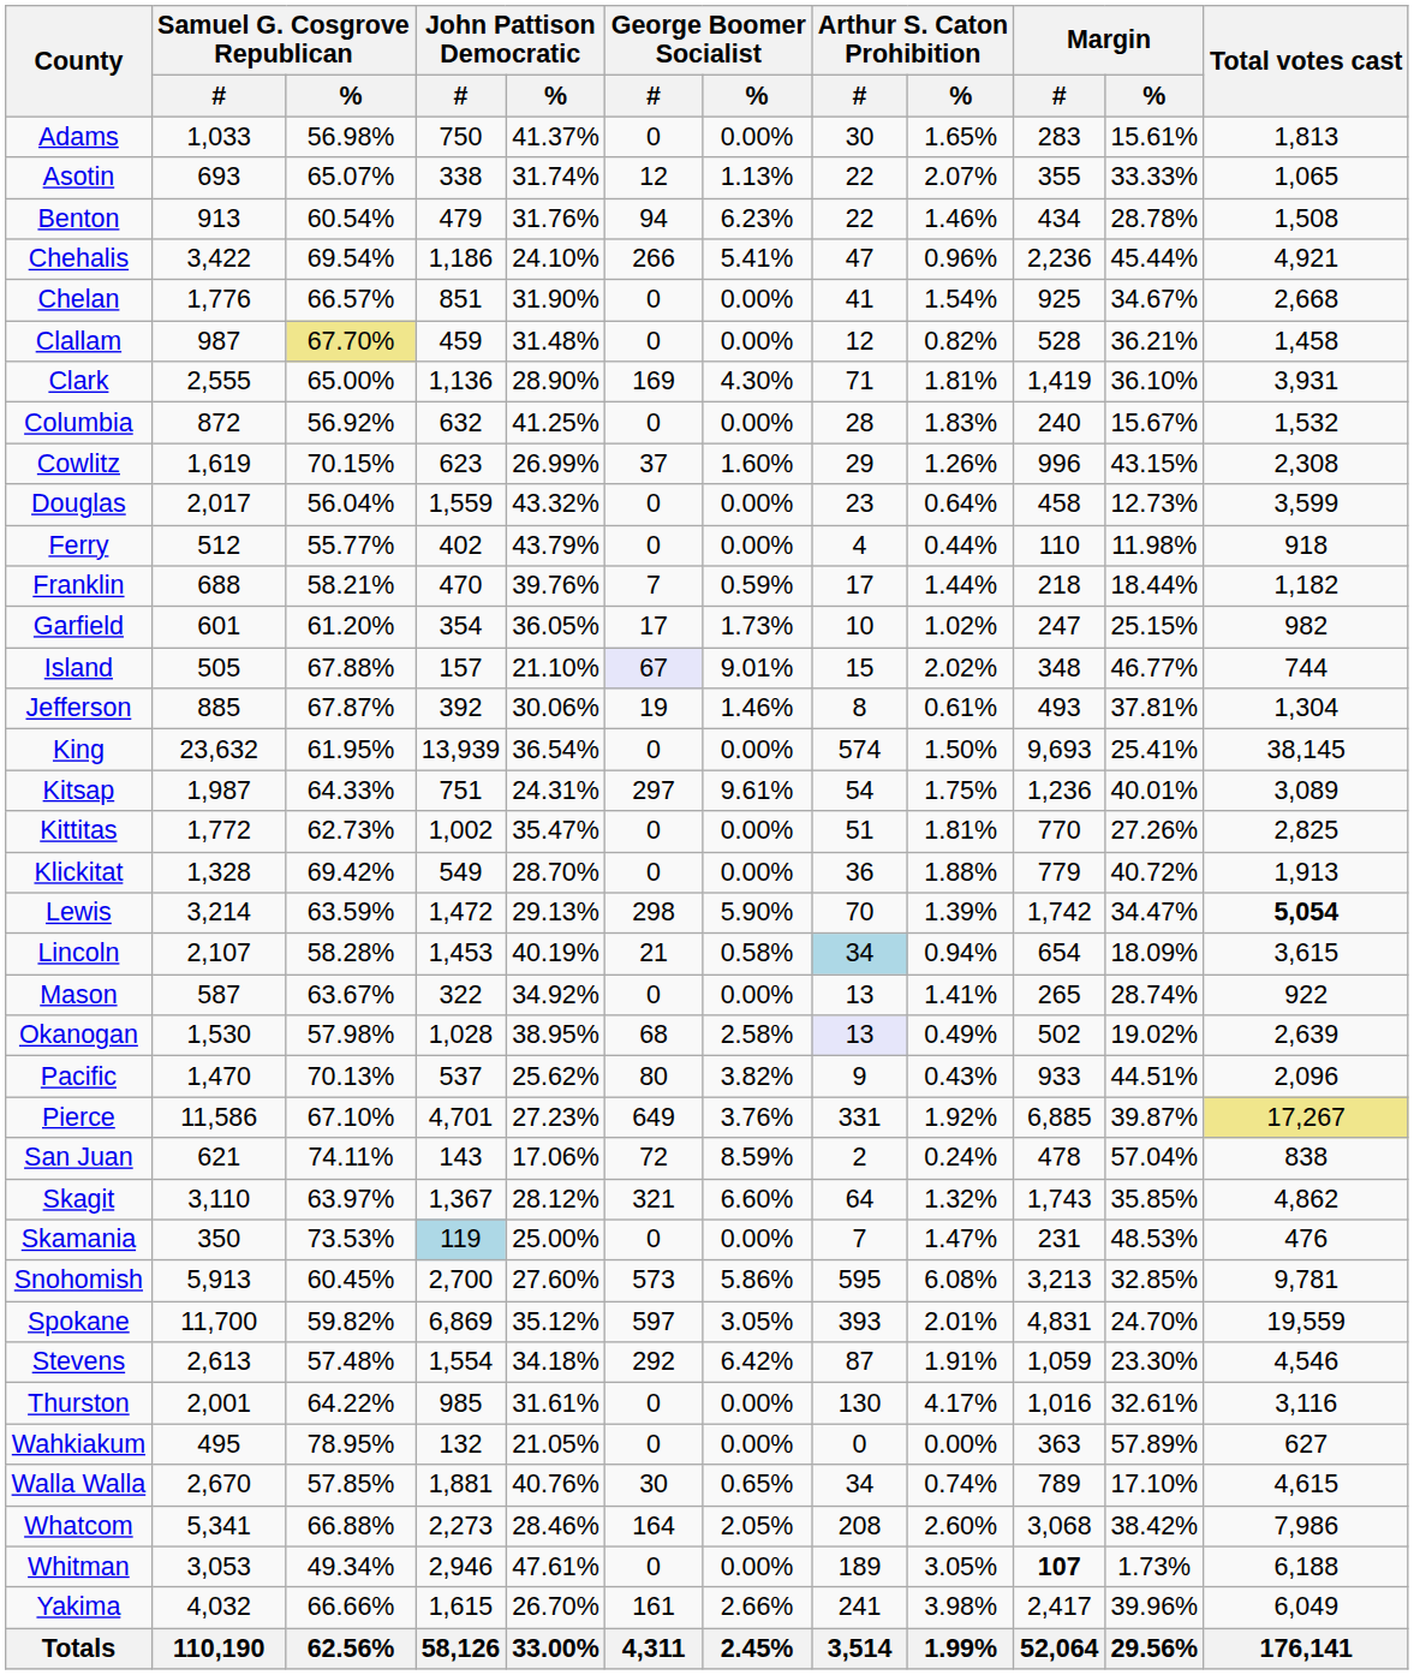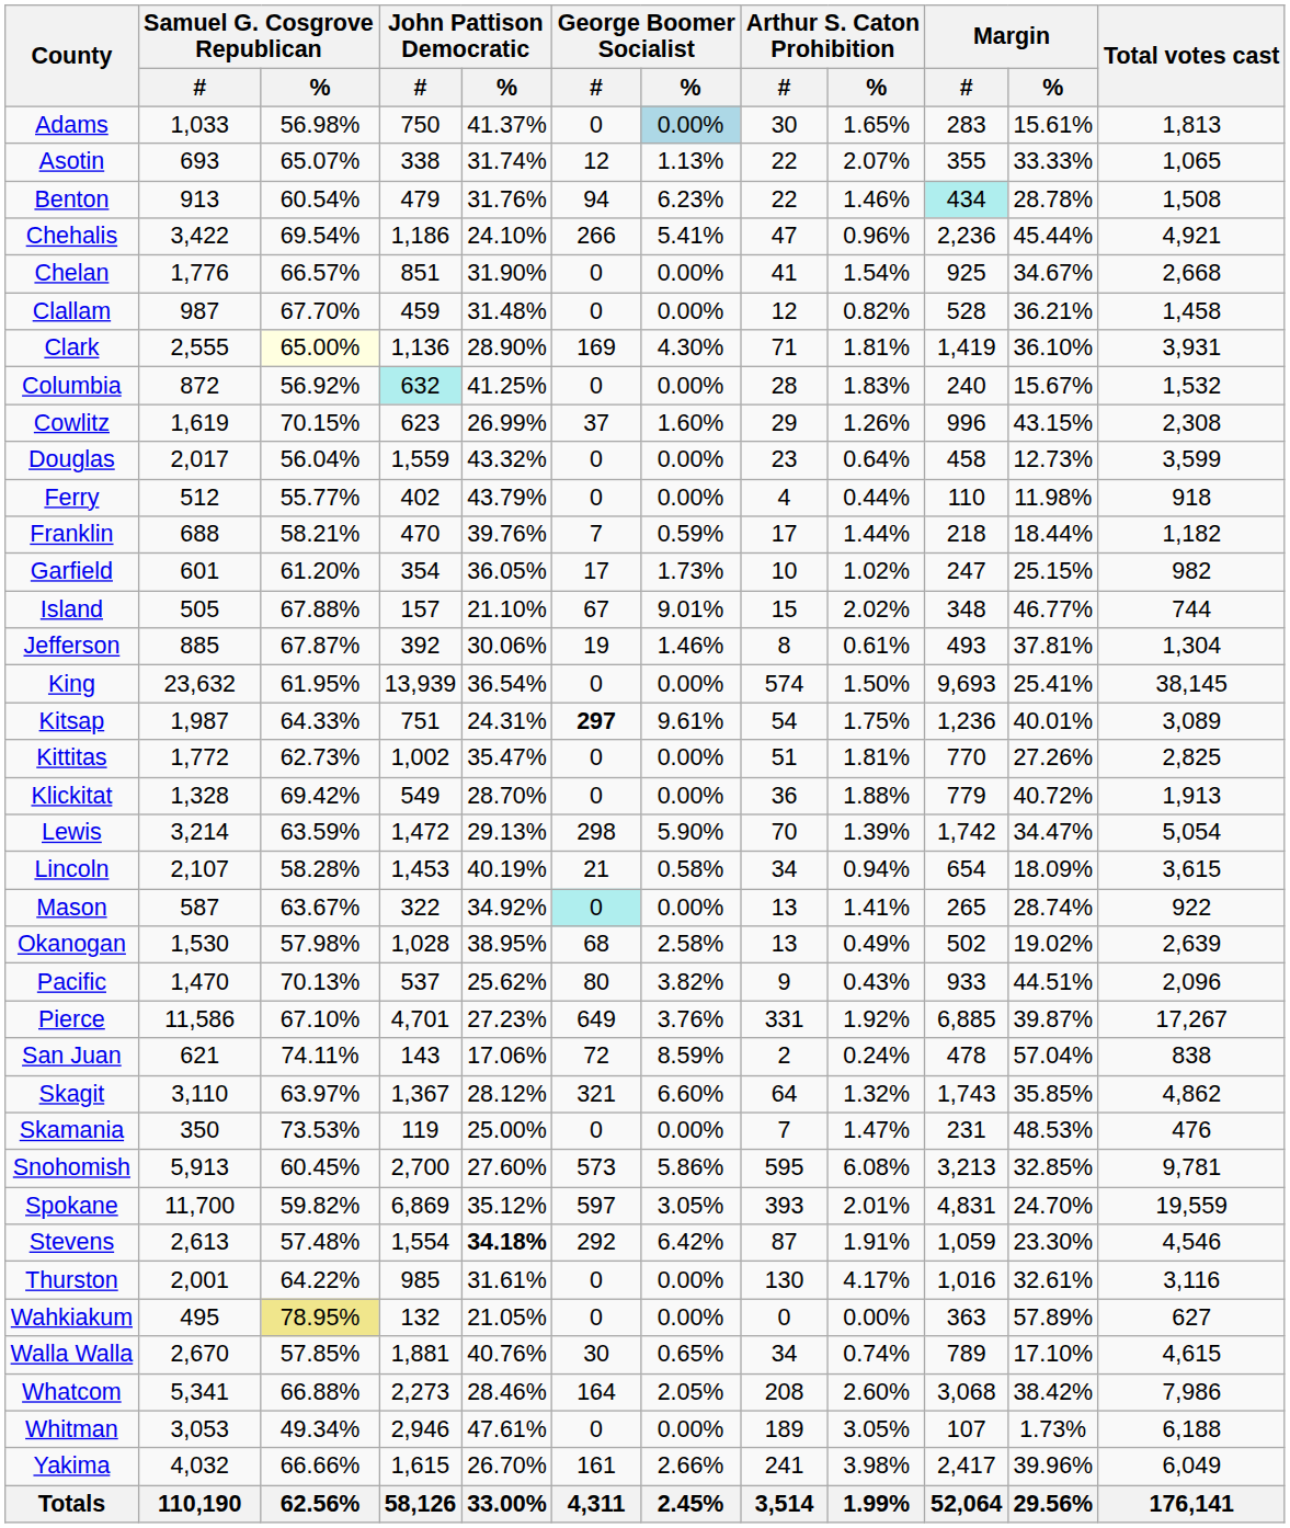 <table class="wikitable sortable">
 <tr>
 <th style="text-align:center;" rowspan="2">County</th>
 <th style="text-align:center;" colspan="2">Samuel G. Cosgrove<br>Republican</th>
 <th style="text-align:center;" colspan="2">John Pattison<br>Democratic</th>
 <th style="text-align:center;" colspan="2">George Boomer<br>Socialist</th>
 <th style="text-align:center;" colspan="2">Arthur S. Caton<br>Prohibition</th>
 <th style="text-align:center;" colspan="2">Margin</th>
 <th style="text-align:center;" rowspan="2">Total votes cast</th>
 </tr>
 <tr bgcolor="lightgrey">
 <th style="text-align:center;" data-sort-type="number">#</th>
 <th style="text-align:center;" data-sort-type="number">%</th>
 <th style="text-align:center;" data-sort-type="number">#</th>
 <th style="text-align:center;" data-sort-type="number">%</th>
 <th style="text-align:center;" data-sort-type="number">#</th>
 <th style="text-align:center;" data-sort-type="number">%</th>
 <th style="text-align:center;" data-sort-type="number">#</th>
 <th style="text-align:center;" data-sort-type="number">%</th>
 <th style="text-align:center;" data-sort-type="number">#</th>
 <th style="text-align:center;" data-sort-type="number">%</th>
 </tr>
 <tr style="text-align:center;">
 <td><a href='#'>Adams</a></td>
 <td>1,033</td>
 <td>56.98%</td>
 <td>750</td>
 <td>41.37%</td>
 <td>0</td>
-<td>0.00%</td>
+<td style="background: lightblue;">0.00%</td>
 <td>30</td>
 <td>1.65%</td>
 <td>283</td>
 <td>15.61%</td>
 <td>1,813</td>
 </tr>
 <tr style="text-align:center;">
 <td><a href='#'>Asotin</a></td>
 <td>693</td>
 <td>65.07%</td>
 <td>338</td>
 <td>31.74%</td>
 <td>12</td>
 <td>1.13%</td>
 <td>22</td>
 <td>2.07%</td>
 <td>355</td>
 <td>33.33%</td>
 <td>1,065</td>
 </tr>
 <tr style="text-align:center;">
 <td><a href='#'>Benton</a></td>
 <td>913</td>
 <td>60.54%</td>
 <td>479</td>
 <td>31.76%</td>
 <td>94</td>
 <td>6.23%</td>
 <td>22</td>
 <td>1.46%</td>
-<td>434</td>
+<td style="background: paleturquoise;">434</td>
 <td>28.78%</td>
 <td>1,508</td>
 </tr>
 <tr style="text-align:center;">
 <td><a href='#'>Chehalis</a></td>
 <td>3,422</td>
 <td>69.54%</td>
 <td>1,186</td>
 <td>24.10%</td>
 <td>266</td>
 <td>5.41%</td>
 <td>47</td>
 <td>0.96%</td>
 <td>2,236</td>
 <td>45.44%</td>
 <td>4,921</td>
 </tr>
 <tr style="text-align:center;">
 <td><a href='#'>Chelan</a></td>
 <td>1,776</td>
 <td>66.57%</td>
 <td>851</td>
 <td>31.90%</td>
 <td>0</td>
 <td>0.00%</td>
 <td>41</td>
 <td>1.54%</td>
 <td>925</td>
 <td>34.67%</td>
 <td>2,668</td>
 </tr>
 <tr style="text-align:center;">
 <td><a href='#'>Clallam</a></td>
 <td>987</td>
-<td style="background: khaki;">67.70%</td>
+<td>67.70%</td>
 <td>459</td>
 <td>31.48%</td>
 <td>0</td>
 <td>0.00%</td>
 <td>12</td>
 <td>0.82%</td>
 <td>528</td>
 <td>36.21%</td>
 <td>1,458</td>
 </tr>
 <tr style="text-align:center;">
 <td><a href='#'>Clark</a></td>
 <td>2,555</td>
-<td>65.00%</td>
+<td style="background: lightyellow;">65.00%</td>
 <td>1,136</td>
 <td>28.90%</td>
 <td>169</td>
 <td>4.30%</td>
 <td>71</td>
 <td>1.81%</td>
 <td>1,419</td>
 <td>36.10%</td>
 <td>3,931</td>
 </tr>
 <tr style="text-align:center;">
 <td><a href='#'>Columbia</a></td>
 <td>872</td>
 <td>56.92%</td>
-<td>632</td>
+<td style="background: paleturquoise;">632</td>
 <td>41.25%</td>
 <td>0</td>
 <td>0.00%</td>
 <td>28</td>
 <td>1.83%</td>
 <td>240</td>
 <td>15.67%</td>
 <td>1,532</td>
 </tr>
 <tr style="text-align:center;">
 <td><a href='#'>Cowlitz</a></td>
 <td>1,619</td>
 <td>70.15%</td>
 <td>623</td>
 <td>26.99%</td>
 <td>37</td>
 <td>1.60%</td>
 <td>29</td>
 <td>1.26%</td>
 <td>996</td>
 <td>43.15%</td>
 <td>2,308</td>
 </tr>
 <tr style="text-align:center;">
 <td><a href='#'>Douglas</a></td>
 <td>2,017</td>
 <td>56.04%</td>
 <td>1,559</td>
 <td>43.32%</td>
 <td>0</td>
 <td>0.00%</td>
 <td>23</td>
 <td>0.64%</td>
 <td>458</td>
 <td>12.73%</td>
 <td>3,599</td>
 </tr>
 <tr style="text-align:center;">
 <td><a href='#'>Ferry</a></td>
 <td>512</td>
 <td>55.77%</td>
 <td>402</td>
 <td>43.79%</td>
 <td>0</td>
 <td>0.00%</td>
 <td>4</td>
 <td>0.44%</td>
 <td>110</td>
 <td>11.98%</td>
 <td>918</td>
 </tr>
 <tr style="text-align:center;">
 <td><a href='#'>Franklin</a></td>
 <td>688</td>
 <td>58.21%</td>
 <td>470</td>
 <td>39.76%</td>
 <td>7</td>
 <td>0.59%</td>
 <td>17</td>
 <td>1.44%</td>
 <td>218</td>
 <td>18.44%</td>
 <td>1,182</td>
 </tr>
 <tr style="text-align:center;">
 <td><a href='#'>Garfield</a></td>
 <td>601</td>
 <td>61.20%</td>
 <td>354</td>
 <td>36.05%</td>
 <td>17</td>
 <td>1.73%</td>
 <td>10</td>
 <td>1.02%</td>
 <td>247</td>
 <td>25.15%</td>
 <td>982</td>
 </tr>
 <tr style="text-align:center;">
 <td><a href='#'>Island</a></td>
 <td>505</td>
 <td>67.88%</td>
 <td>157</td>
 <td>21.10%</td>
-<td style="background: lavender;">67</td>
+<td>67</td>
 <td>9.01%</td>
 <td>15</td>
 <td>2.02%</td>
 <td>348</td>
 <td>46.77%</td>
 <td>744</td>
 </tr>
 <tr style="text-align:center;">
 <td><a href='#'>Jefferson</a></td>
 <td>885</td>
 <td>67.87%</td>
 <td>392</td>
 <td>30.06%</td>
 <td>19</td>
 <td>1.46%</td>
 <td>8</td>
 <td>0.61%</td>
 <td>493</td>
 <td>37.81%</td>
 <td>1,304</td>
 </tr>
 <tr style="text-align:center;">
 <td><a href='#'>King</a></td>
 <td>23,632</td>
 <td>61.95%</td>
 <td>13,939</td>
 <td>36.54%</td>
 <td>0</td>
 <td>0.00%</td>
 <td>574</td>
 <td>1.50%</td>
 <td>9,693</td>
 <td>25.41%</td>
 <td>38,145</td>
 </tr>
 <tr style="text-align:center;">
 <td><a href='#'>Kitsap</a></td>
 <td>1,987</td>
 <td>64.33%</td>
 <td>751</td>
 <td>24.31%</td>
-<td>297</td>
+<td><strong>297</strong></td>
 <td>9.61%</td>
 <td>54</td>
 <td>1.75%</td>
 <td>1,236</td>
 <td>40.01%</td>
 <td>3,089</td>
 </tr>
 <tr style="text-align:center;">
 <td><a href='#'>Kittitas</a></td>
 <td>1,772</td>
 <td>62.73%</td>
 <td>1,002</td>
 <td>35.47%</td>
 <td>0</td>
 <td>0.00%</td>
 <td>51</td>
 <td>1.81%</td>
 <td>770</td>
 <td>27.26%</td>
 <td>2,825</td>
 </tr>
 <tr style="text-align:center;">
 <td><a href='#'>Klickitat</a></td>
 <td>1,328</td>
 <td>69.42%</td>
 <td>549</td>
 <td>28.70%</td>
 <td>0</td>
 <td>0.00%</td>
 <td>36</td>
 <td>1.88%</td>
 <td>779</td>
 <td>40.72%</td>
 <td>1,913</td>
 </tr>
 <tr style="text-align:center;">
 <td><a href='#'>Lewis</a></td>
 <td>3,214</td>
 <td>63.59%</td>
 <td>1,472</td>
 <td>29.13%</td>
 <td>298</td>
 <td>5.90%</td>
 <td>70</td>
 <td>1.39%</td>
 <td>1,742</td>
 <td>34.47%</td>
-<td><strong>5,054</strong></td>
+<td>5,054</td>
 </tr>
 <tr style="text-align:center;">
 <td><a href='#'>Lincoln</a></td>
 <td>2,107</td>
 <td>58.28%</td>
 <td>1,453</td>
 <td>40.19%</td>
 <td>21</td>
 <td>0.58%</td>
-<td style="background: lightblue;">34</td>
+<td>34</td>
 <td>0.94%</td>
 <td>654</td>
 <td>18.09%</td>
 <td>3,615</td>
 </tr>
 <tr style="text-align:center;">
 <td><a href='#'>Mason</a></td>
 <td>587</td>
 <td>63.67%</td>
 <td>322</td>
 <td>34.92%</td>
-<td>0</td>
+<td style="background: paleturquoise;">0</td>
 <td>0.00%</td>
 <td>13</td>
 <td>1.41%</td>
 <td>265</td>
 <td>28.74%</td>
 <td>922</td>
 </tr>
 <tr style="text-align:center;">
 <td><a href='#'>Okanogan</a></td>
 <td>1,530</td>
 <td>57.98%</td>
 <td>1,028</td>
 <td>38.95%</td>
 <td>68</td>
 <td>2.58%</td>
-<td style="background: lavender;">13</td>
+<td>13</td>
 <td>0.49%</td>
 <td>502</td>
 <td>19.02%</td>
 <td>2,639</td>
 </tr>
 <tr style="text-align:center;">
 <td><a href='#'>Pacific</a></td>
 <td>1,470</td>
 <td>70.13%</td>
 <td>537</td>
 <td>25.62%</td>
 <td>80</td>
 <td>3.82%</td>
 <td>9</td>
 <td>0.43%</td>
 <td>933</td>
 <td>44.51%</td>
 <td>2,096</td>
 </tr>
 <tr style="text-align:center;">
 <td><a href='#'>Pierce</a></td>
 <td>11,586</td>
 <td>67.10%</td>
 <td>4,701</td>
 <td>27.23%</td>
 <td>649</td>
 <td>3.76%</td>
 <td>331</td>
 <td>1.92%</td>
 <td>6,885</td>
 <td>39.87%</td>
-<td style="background: khaki;">17,267</td>
+<td>17,267</td>
 </tr>
 <tr style="text-align:center;">
 <td><a href='#'>San Juan</a></td>
 <td>621</td>
 <td>74.11%</td>
 <td>143</td>
 <td>17.06%</td>
 <td>72</td>
 <td>8.59%</td>
 <td>2</td>
 <td>0.24%</td>
 <td>478</td>
 <td>57.04%</td>
 <td>838</td>
 </tr>
 <tr style="text-align:center;">
 <td><a href='#'>Skagit</a></td>
 <td>3,110</td>
 <td>63.97%</td>
 <td>1,367</td>
 <td>28.12%</td>
 <td>321</td>
 <td>6.60%</td>
 <td>64</td>
 <td>1.32%</td>
 <td>1,743</td>
 <td>35.85%</td>
 <td>4,862</td>
 </tr>
 <tr style="text-align:center;">
 <td><a href='#'>Skamania</a></td>
 <td>350</td>
 <td>73.53%</td>
-<td style="background: lightblue;">119</td>
+<td>119</td>
 <td>25.00%</td>
 <td>0</td>
 <td>0.00%</td>
 <td>7</td>
 <td>1.47%</td>
 <td>231</td>
 <td>48.53%</td>
 <td>476</td>
 </tr>
 <tr style="text-align:center;">
 <td><a href='#'>Snohomish</a></td>
 <td>5,913</td>
 <td>60.45%</td>
 <td>2,700</td>
 <td>27.60%</td>
 <td>573</td>
 <td>5.86%</td>
 <td>595</td>
 <td>6.08%</td>
 <td>3,213</td>
 <td>32.85%</td>
 <td>9,781</td>
 </tr>
 <tr style="text-align:center;">
 <td><a href='#'>Spokane</a></td>
 <td>11,700</td>
 <td>59.82%</td>
 <td>6,869</td>
 <td>35.12%</td>
 <td>597</td>
 <td>3.05%</td>
 <td>393</td>
 <td>2.01%</td>
 <td>4,831</td>
 <td>24.70%</td>
 <td>19,559</td>
 </tr>
 <tr style="text-align:center;">
 <td><a href='#'>Stevens</a></td>
 <td>2,613</td>
 <td>57.48%</td>
 <td>1,554</td>
-<td>34.18%</td>
+<td><strong>34.18%</strong></td>
 <td>292</td>
 <td>6.42%</td>
 <td>87</td>
 <td>1.91%</td>
 <td>1,059</td>
 <td>23.30%</td>
 <td>4,546</td>
 </tr>
 <tr style="text-align:center;">
 <td><a href='#'>Thurston</a></td>
 <td>2,001</td>
 <td>64.22%</td>
 <td>985</td>
 <td>31.61%</td>
 <td>0</td>
 <td>0.00%</td>
 <td>130</td>
 <td>4.17%</td>
 <td>1,016</td>
 <td>32.61%</td>
 <td>3,116</td>
 </tr>
 <tr style="text-align:center;">
 <td><a href='#'>Wahkiakum</a></td>
 <td>495</td>
-<td>78.95%</td>
+<td style="background: khaki;">78.95%</td>
 <td>132</td>
 <td>21.05%</td>
 <td>0</td>
 <td>0.00%</td>
 <td>0</td>
 <td>0.00%</td>
 <td>363</td>
 <td>57.89%</td>
 <td>627</td>
 </tr>
 <tr style="text-align:center;">
 <td><a href='#'>Walla Walla</a></td>
 <td>2,670</td>
 <td>57.85%</td>
 <td>1,881</td>
 <td>40.76%</td>
 <td>30</td>
 <td>0.65%</td>
 <td>34</td>
 <td>0.74%</td>
 <td>789</td>
 <td>17.10%</td>
 <td>4,615</td>
 </tr>
 <tr style="text-align:center;">
 <td><a href='#'>Whatcom</a></td>
 <td>5,341</td>
 <td>66.88%</td>
 <td>2,273</td>
 <td>28.46%</td>
 <td>164</td>
 <td>2.05%</td>
 <td>208</td>
 <td>2.60%</td>
 <td>3,068</td>
 <td>38.42%</td>
 <td>7,986</td>
 </tr>
 <tr style="text-align:center;">
 <td><a href='#'>Whitman</a></td>
 <td>3,053</td>
 <td>49.34%</td>
 <td>2,946</td>
 <td>47.61%</td>
 <td>0</td>
 <td>0.00%</td>
 <td>189</td>
 <td>3.05%</td>
-<td><strong>107</strong></td>
+<td>107</td>
 <td>1.73%</td>
 <td>6,188</td>
 </tr>
 <tr style="text-align:center;">
 <td><a href='#'>Yakima</a></td>
 <td>4,032</td>
 <td>66.66%</td>
 <td>1,615</td>
 <td>26.70%</td>
 <td>161</td>
 <td>2.66%</td>
 <td>241</td>
 <td>3.98%</td>
 <td>2,417</td>
 <td>39.96%</td>
 <td>6,049</td>
 </tr>
 <tr>
 <th>Totals</th>
 <th>110,190</th>
 <th>62.56%</th>
 <th>58,126</th>
 <th>33.00%</th>
 <th>4,311</th>
 <th>2.45%</th>
 <th>3,514</th>
 <th>1.99%</th>
 <th>52,064</th>
 <th>29.56%</th>
 <th>176,141</th>
 </tr>
 </table>
